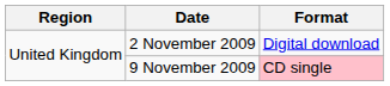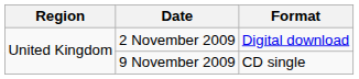 <table class="wikitable">
 <tr>
 <th>Region</th>
 <th>Date</th>
 <th>Format</th>
 </tr>
 <tr>
 <td rowspan="2">United Kingdom</td>
 <td>2 November 2009</td>
 <td><a href='#'>Digital download</a></td>
 </tr>
 <tr>
 <td>9 November 2009</td>
-<td style="background: pink;">CD single</td>
+<td>CD single</td>
 </tr>
 </table>
